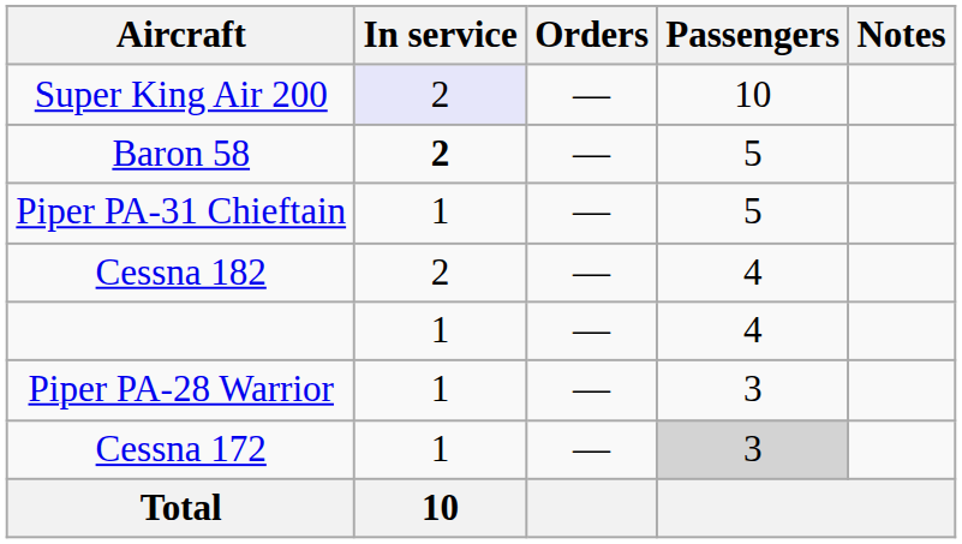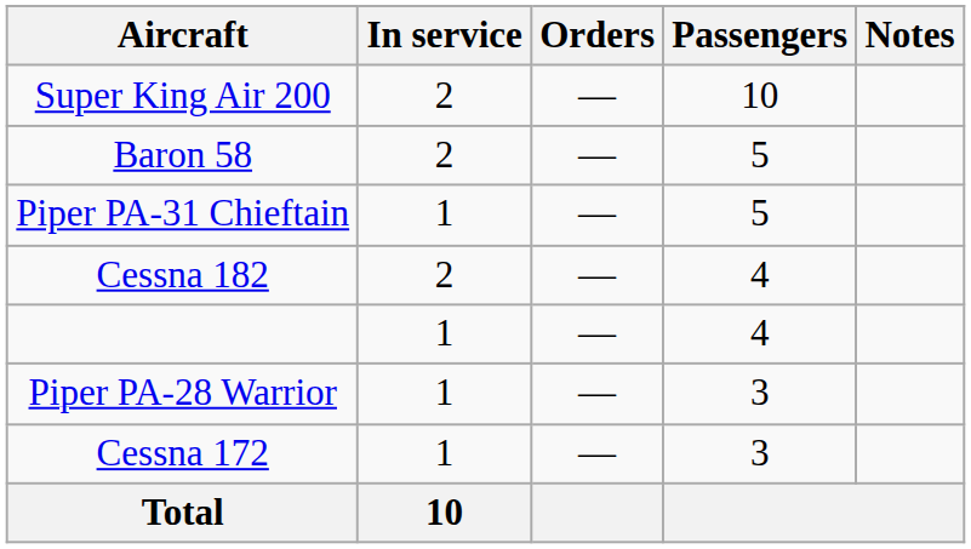 <table class="wikitable" style="border-collapse:collapse;text-align:center; margin-left: auto; margin-right: auto;">
 <tr>
 <th>Aircraft</th>
 <th>In service</th>
 <th>Orders</th>
 <th>Passengers</th>
 <th>Notes</th>
 </tr>
 <tr>
 <td><a href='#'>Super King Air 200</a></td>
-<td style="background: lavender;">2</td>
+<td>2</td>
 <td>—</td>
 <td>10</td>
 <td></td>
 </tr>
 <tr>
 <td><a href='#'>Baron 58</a></td>
-<td><strong>2</strong></td>
+<td>2</td>
 <td>—</td>
 <td>5</td>
 <td></td>
 </tr>
 <tr>
 <td><a href='#'>Piper PA-31 Chieftain</a></td>
 <td>1</td>
 <td>—</td>
 <td>5</td>
 <td></td>
 </tr>
 <tr>
 <td><a href='#'>Cessna 182</a></td>
 <td>2</td>
 <td>—</td>
 <td>4</td>
 <td></td>
 </tr>
 <tr>
 <td></td>
 <td>1</td>
 <td>—</td>
 <td>4</td>
 <td></td>
 </tr>
 <tr>
 <td><a href='#'>Piper PA-28 Warrior</a></td>
 <td>1</td>
 <td>—</td>
 <td>3</td>
 <td></td>
 </tr>
 <tr>
 <td><a href='#'>Cessna 172</a></td>
 <td>1</td>
 <td>—</td>
-<td style="background: lightgrey;">3</td>
+<td>3</td>
 <td></td>
 </tr>
 <tr>
 <th>Total</th>
 <th>10</th>
 <th></th>
 <th colspan="2"></th>
 </tr>
 </table>
